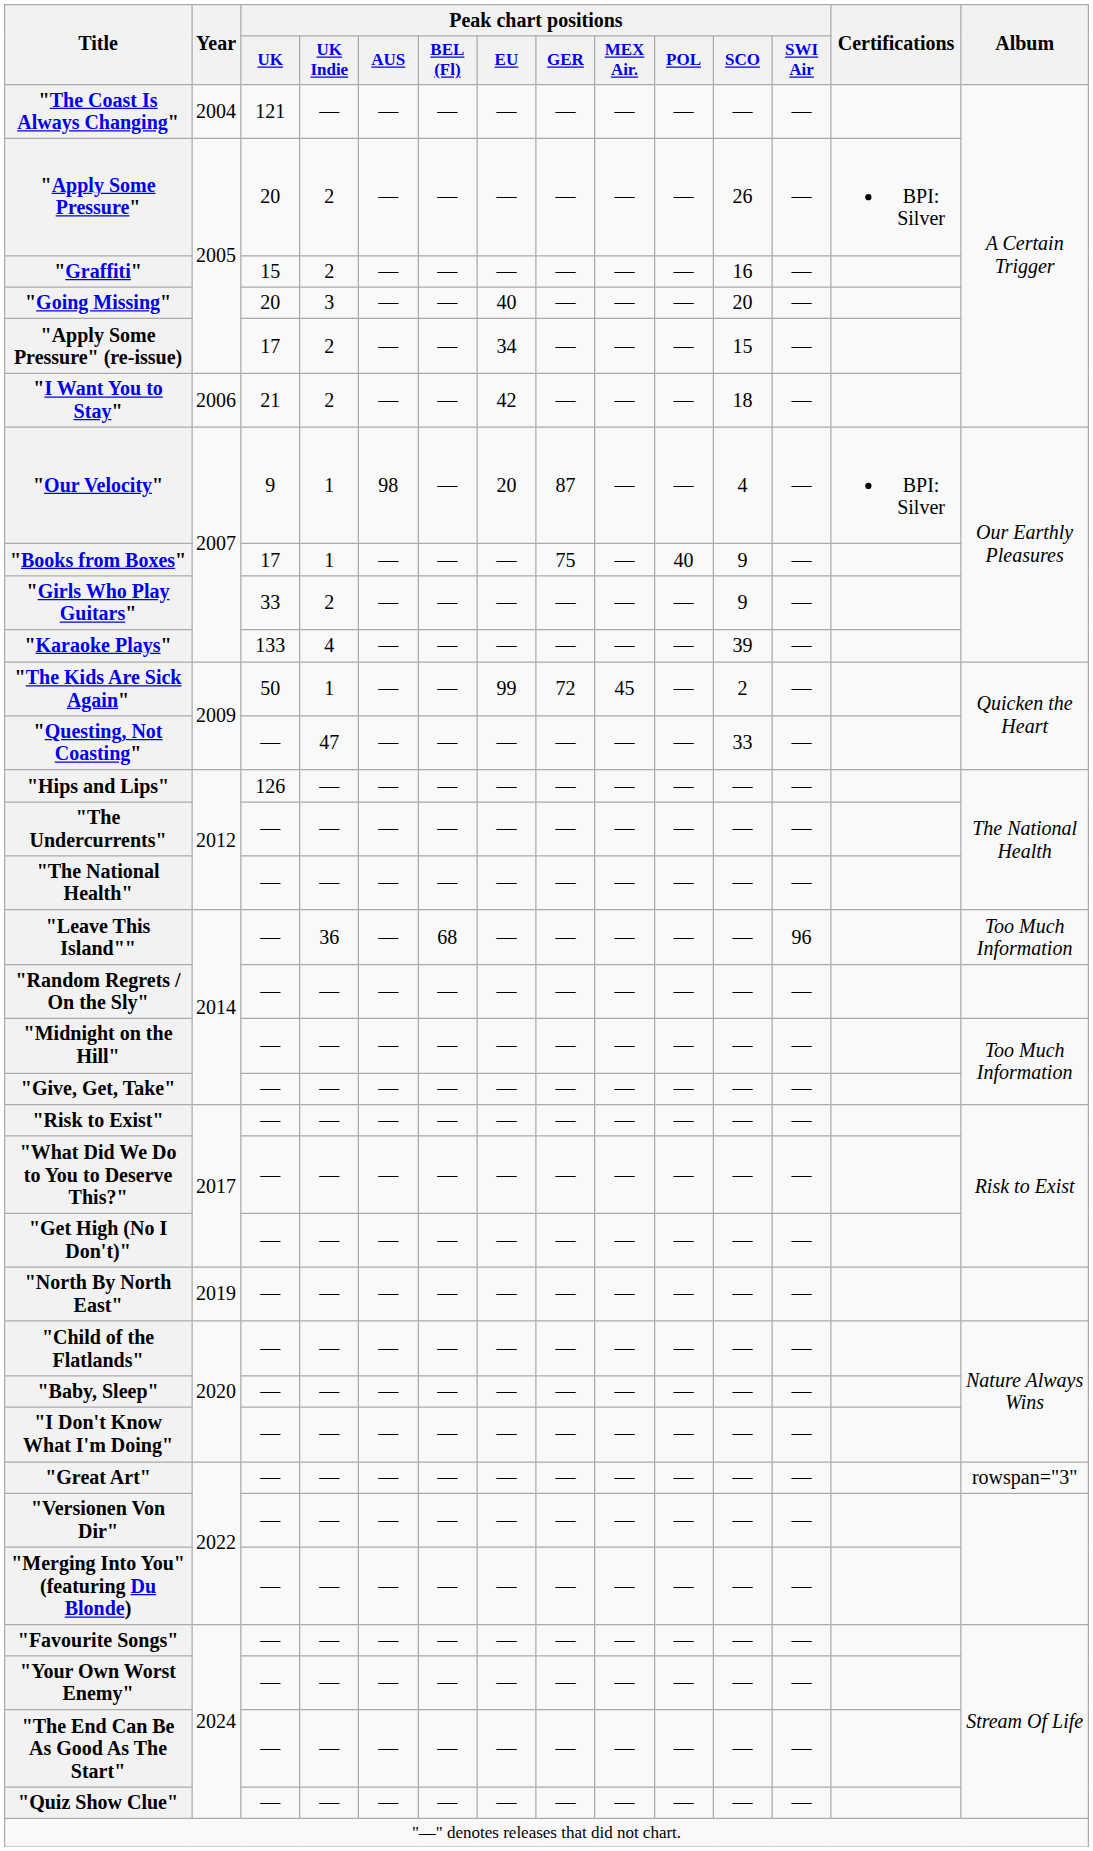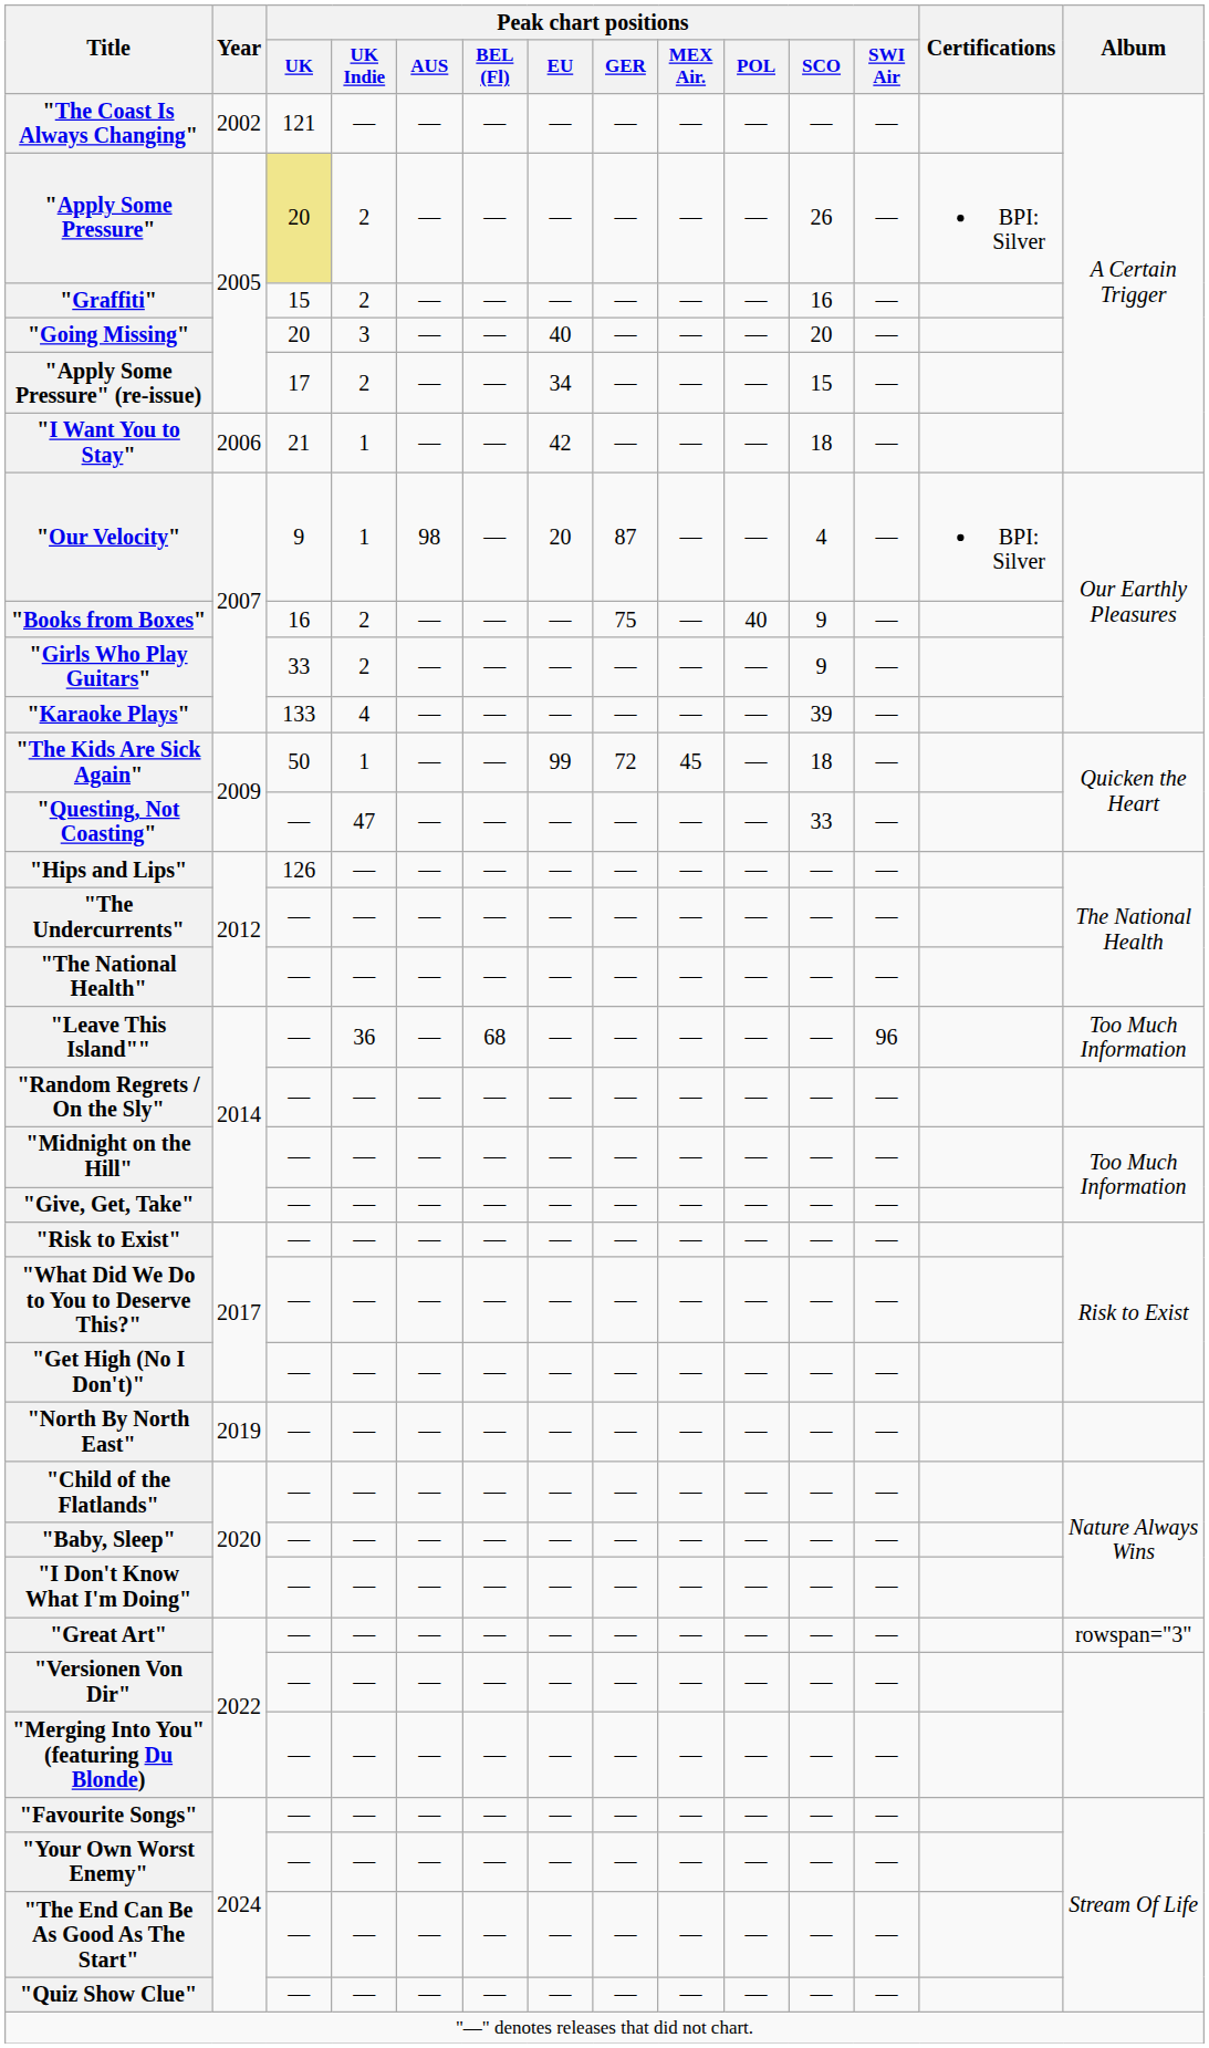 <table class="wikitable plainrowheaders" style="text-align:center;">
 <tr>
 <th scope="col" rowspan="2">Title</th>
 <th scope="col" rowspan="2" style="width:2em;">Year</th>
 <th scope="col" colspan="10">Peak chart positions</th>
 <th rowspan="2">Certifications</th>
 <th scope="col" rowspan="2">Album</th>
 </tr>
 <tr>
 <th scope="col" style="width:3em;font-size:85%;"><a href='#'>UK</a><br></th>
 <th scope="col" style="width:3em;font-size:85%;"><a href='#'>UK<br>Indie</a><br></th>
 <th scope="col" style="width:3em;font-size:85%;"><a href='#'>AUS</a><br></th>
 <th scope="col" style="width:3em;font-size:85%;"><a href='#'>BEL (Fl)</a><br></th>
 <th scope="col" style="width:3em;font-size:85%;"><a href='#'>EU</a><br></th>
 <th scope="col" style="width:3em;font-size:85%;"><a href='#'>GER</a><br></th>
 <th scope="col" style="width:3em;font-size:85%;"><a href='#'>MEX<br>Air.</a><br></th>
 <th scope="col" style="width:3em;font-size:85%;"><a href='#'>POL</a><br></th>
 <th scope="col" style="width:3em;font-size:85%;"><a href='#'>SCO</a><br></th>
 <th scope="col" style="width:3em;font-size:85%;"><a href='#'>SWI<br>Air</a><br></th>
 </tr>
 <tr>
 <th scope="row">"<a href='#'>The Coast Is Always Changing</a>"</th>
-<td>2004</td>
+<td>2002</td>
 <td>121</td>
 <td>—</td>
 <td>—</td>
 <td>—</td>
 <td>—</td>
 <td>—</td>
 <td>—</td>
 <td>—</td>
 <td>—</td>
 <td>—</td>
 <td></td>
 <td rowspan="6"><em>A Certain Trigger</em></td>
 </tr>
 <tr>
 <th scope="row">"<a href='#'>Apply Some Pressure</a>"</th>
 <td rowspan="4">2005</td>
-<td>20</td>
+<td style="background: khaki;">20</td>
 <td>2</td>
 <td>—</td>
 <td>—</td>
 <td>—</td>
 <td>—</td>
 <td>—</td>
 <td>—</td>
 <td>26</td>
 <td>—</td>
 <td><br><ul><li>BPI: Silver</li></ul></td>
 </tr>
 <tr>
 <th scope="row">"<a href='#'>Graffiti</a>"</th>
 <td>15</td>
 <td>2</td>
 <td>—</td>
 <td>—</td>
 <td>—</td>
 <td>—</td>
 <td>—</td>
 <td>—</td>
 <td>16</td>
 <td>—</td>
 <td></td>
 </tr>
 <tr>
 <th scope="row">"<a href='#'>Going Missing</a>"</th>
 <td>20</td>
 <td>3</td>
 <td>—</td>
 <td>—</td>
 <td>40</td>
 <td>—</td>
 <td>—</td>
 <td>—</td>
 <td>20</td>
 <td>—</td>
 <td></td>
 </tr>
 <tr>
 <th scope="row">"Apply Some Pressure" (re-issue)</th>
 <td>17</td>
 <td>2</td>
 <td>—</td>
 <td>—</td>
 <td>34</td>
 <td>—</td>
 <td>—</td>
 <td>—</td>
 <td>15</td>
 <td>—</td>
 <td></td>
 </tr>
 <tr>
 <th scope="row">"<a href='#'>I Want You to Stay</a>"</th>
 <td>2006</td>
 <td>21</td>
-<td>2</td>
+<td>1</td>
 <td>—</td>
 <td>—</td>
 <td>42</td>
 <td>—</td>
 <td>—</td>
 <td>—</td>
 <td>18</td>
 <td>—</td>
 <td></td>
 </tr>
 <tr>
 <th scope="row">"<a href='#'>Our Velocity</a>"</th>
 <td rowspan="4">2007</td>
 <td>9</td>
 <td>1</td>
 <td>98</td>
 <td>—</td>
 <td>20</td>
 <td>87</td>
 <td>—</td>
 <td>—</td>
 <td>4</td>
 <td>—</td>
 <td><br><ul><li>BPI: Silver</li></ul></td>
 <td rowspan="4"><em>Our Earthly Pleasures</em></td>
 </tr>
 <tr>
 <th scope="row">"<a href='#'>Books from Boxes</a>"</th>
-<td>17</td>
-<td>1</td>
+<td>16</td>
+<td>2</td>
 <td>—</td>
 <td>—</td>
 <td>—</td>
 <td>75</td>
 <td>—</td>
 <td>40</td>
 <td>9</td>
 <td>—</td>
 <td></td>
 </tr>
 <tr>
 <th scope="row">"<a href='#'>Girls Who Play Guitars</a>"</th>
 <td>33</td>
 <td>2</td>
 <td>—</td>
 <td>—</td>
 <td>—</td>
 <td>—</td>
 <td>—</td>
 <td>—</td>
 <td>9</td>
 <td>—</td>
 <td></td>
 </tr>
 <tr>
 <th scope="row">"<a href='#'>Karaoke Plays</a>"</th>
 <td>133</td>
 <td>4</td>
 <td>—</td>
 <td>—</td>
 <td>—</td>
 <td>—</td>
 <td>—</td>
 <td>—</td>
 <td>39</td>
 <td>—</td>
 <td></td>
 </tr>
 <tr>
 <th scope="row">"<a href='#'>The Kids Are Sick Again</a>"</th>
 <td rowspan="2">2009</td>
 <td>50</td>
 <td>1</td>
 <td>—</td>
 <td>—</td>
 <td>99</td>
 <td>72</td>
 <td>45</td>
 <td>—</td>
-<td>2</td>
+<td>18</td>
 <td>—</td>
 <td></td>
 <td rowspan="2"><em>Quicken the Heart</em></td>
 </tr>
 <tr>
 <th scope="row">"<a href='#'>Questing, Not Coasting</a>"</th>
 <td>—</td>
 <td>47</td>
 <td>—</td>
 <td>—</td>
 <td>—</td>
 <td>—</td>
 <td>—</td>
 <td>—</td>
 <td>33</td>
 <td>—</td>
 <td></td>
 </tr>
 <tr>
 <th scope="row">"Hips and Lips"</th>
 <td rowspan="3">2012</td>
 <td>126</td>
 <td>—</td>
 <td>—</td>
 <td>—</td>
 <td>—</td>
 <td>—</td>
 <td>—</td>
 <td>—</td>
 <td>—</td>
 <td>—</td>
 <td></td>
 <td rowspan="3"><em>The National Health</em></td>
 </tr>
 <tr>
 <th scope="row">"The Undercurrents"</th>
 <td>—</td>
 <td>—</td>
 <td>—</td>
 <td>—</td>
 <td>—</td>
 <td>—</td>
 <td>—</td>
 <td>—</td>
 <td>—</td>
 <td>—</td>
 <td></td>
 </tr>
 <tr>
 <th scope="row">"The National Health"</th>
 <td>—</td>
 <td>—</td>
 <td>—</td>
 <td>—</td>
 <td>—</td>
 <td>—</td>
 <td>—</td>
 <td>—</td>
 <td>—</td>
 <td>—</td>
 <td></td>
 </tr>
 <tr>
 <th scope="row">"Leave This Island""</th>
 <td rowspan="4">2014</td>
 <td>—</td>
 <td>36</td>
 <td>—</td>
 <td>68</td>
 <td>—</td>
 <td>—</td>
 <td>—</td>
 <td>—</td>
 <td>—</td>
 <td>96</td>
 <td></td>
 <td><em>Too Much Information</em></td>
 </tr>
 <tr>
 <th scope="row">"Random Regrets / On the Sly"</th>
 <td>—</td>
 <td>—</td>
 <td>—</td>
 <td>—</td>
 <td>—</td>
 <td>—</td>
 <td>—</td>
 <td>—</td>
 <td>—</td>
 <td>—</td>
 <td></td>
 <td></td>
 </tr>
 <tr>
 <th scope="row">"Midnight on the Hill"</th>
 <td>—</td>
 <td>—</td>
 <td>—</td>
 <td>—</td>
 <td>—</td>
 <td>—</td>
 <td>—</td>
 <td>—</td>
 <td>—</td>
 <td>—</td>
 <td></td>
 <td rowspan="2"><em>Too Much Information</em></td>
 </tr>
 <tr>
 <th scope="row">"Give, Get, Take"</th>
 <td>—</td>
 <td>—</td>
 <td>—</td>
 <td>—</td>
 <td>—</td>
 <td>—</td>
 <td>—</td>
 <td>—</td>
 <td>—</td>
 <td>—</td>
 <td></td>
 </tr>
 <tr>
 <th scope="row">"Risk to Exist"</th>
 <td rowspan="3">2017</td>
 <td>—</td>
 <td>—</td>
 <td>—</td>
 <td>—</td>
 <td>—</td>
 <td>—</td>
 <td>—</td>
 <td>—</td>
 <td>—</td>
 <td>—</td>
 <td></td>
 <td rowspan="3"><em>Risk to Exist</em></td>
 </tr>
 <tr>
 <th scope="row">"What Did We Do to You to Deserve This?"</th>
 <td>—</td>
 <td>—</td>
 <td>—</td>
 <td>—</td>
 <td>—</td>
 <td>—</td>
 <td>—</td>
 <td>—</td>
 <td>—</td>
 <td>—</td>
 <td></td>
 </tr>
 <tr>
 <th scope="row">"Get High (No I Don't)"</th>
 <td>—</td>
 <td>—</td>
 <td>—</td>
 <td>—</td>
 <td>—</td>
 <td>—</td>
 <td>—</td>
 <td>—</td>
 <td>—</td>
 <td>—</td>
 <td></td>
 </tr>
 <tr>
 <th scope="row">"North By North East"</th>
 <td>2019</td>
 <td>—</td>
 <td>—</td>
 <td>—</td>
 <td>—</td>
 <td>—</td>
 <td>—</td>
 <td>—</td>
 <td>—</td>
 <td>—</td>
 <td>—</td>
 <td></td>
 <td></td>
 </tr>
 <tr>
 <th scope="row">"Child of the Flatlands"</th>
 <td rowspan="3">2020</td>
 <td>—</td>
 <td>—</td>
 <td>—</td>
 <td>—</td>
 <td>—</td>
 <td>—</td>
 <td>—</td>
 <td>—</td>
 <td>—</td>
 <td>—</td>
 <td></td>
 <td rowspan="3"><em>Nature Always Wins</em></td>
 </tr>
 <tr>
 <th scope="row">"Baby, Sleep"</th>
 <td>—</td>
 <td>—</td>
 <td>—</td>
 <td>—</td>
 <td>—</td>
 <td>—</td>
 <td>—</td>
 <td>—</td>
 <td>—</td>
 <td>—</td>
 <td></td>
 </tr>
 <tr>
 <th scope="row">"I Don't Know What I'm Doing"</th>
 <td>—</td>
 <td>—</td>
 <td>—</td>
 <td>—</td>
 <td>—</td>
 <td>—</td>
 <td>—</td>
 <td>—</td>
 <td>—</td>
 <td>—</td>
 <td></td>
 </tr>
 <tr>
 <th scope="row">"Great Art"</th>
 <td rowspan="3">2022</td>
 <td>—</td>
 <td>—</td>
 <td>—</td>
 <td>—</td>
 <td>—</td>
 <td>—</td>
 <td>—</td>
 <td>—</td>
 <td>—</td>
 <td>—</td>
 <td></td>
 <td>rowspan="3" </td>
 </tr>
 <tr>
 <th scope="row">"Versionen Von Dir"</th>
 <td>—</td>
 <td>—</td>
 <td>—</td>
 <td>—</td>
 <td>—</td>
 <td>—</td>
 <td>—</td>
 <td>—</td>
 <td>—</td>
 <td>—</td>
 <td></td>
 </tr>
 <tr>
 <th scope="row">"Merging Into You"<br><span>(featuring <a href='#'>Du Blonde</a>)</span></th>
 <td>—</td>
 <td>—</td>
 <td>—</td>
 <td>—</td>
 <td>—</td>
 <td>—</td>
 <td>—</td>
 <td>—</td>
 <td>—</td>
 <td>—</td>
 <td></td>
 </tr>
 <tr>
 <th scope="row">"Favourite Songs"</th>
 <td rowspan="4">2024</td>
 <td>—</td>
 <td>—</td>
 <td>—</td>
 <td>—</td>
 <td>—</td>
 <td>—</td>
 <td>—</td>
 <td>—</td>
 <td>—</td>
 <td>—</td>
 <td></td>
 <td rowspan="4"><em>Stream Of Life</em></td>
 </tr>
 <tr>
 <th scope="row">"Your Own Worst Enemy"</th>
 <td>—</td>
 <td>—</td>
 <td>—</td>
 <td>—</td>
 <td>—</td>
 <td>—</td>
 <td>—</td>
 <td>—</td>
 <td>—</td>
 <td>—</td>
 <td></td>
 </tr>
 <tr>
 <th scope="row">"The End Can Be As Good As The Start"</th>
 <td>—</td>
 <td>—</td>
 <td>—</td>
 <td>—</td>
 <td>—</td>
 <td>—</td>
 <td>—</td>
 <td>—</td>
 <td>—</td>
 <td>—</td>
 <td></td>
 </tr>
 <tr>
 <th scope="row">"Quiz Show Clue"</th>
 <td>—</td>
 <td>—</td>
 <td>—</td>
 <td>—</td>
 <td>—</td>
 <td>—</td>
 <td>—</td>
 <td>—</td>
 <td>—</td>
 <td>—</td>
 <td></td>
 </tr>
 <tr>
 <td align="center" colspan="16" style="font-size: 85%">"—" denotes releases that did not chart.</td>
 </tr>
 </table>
